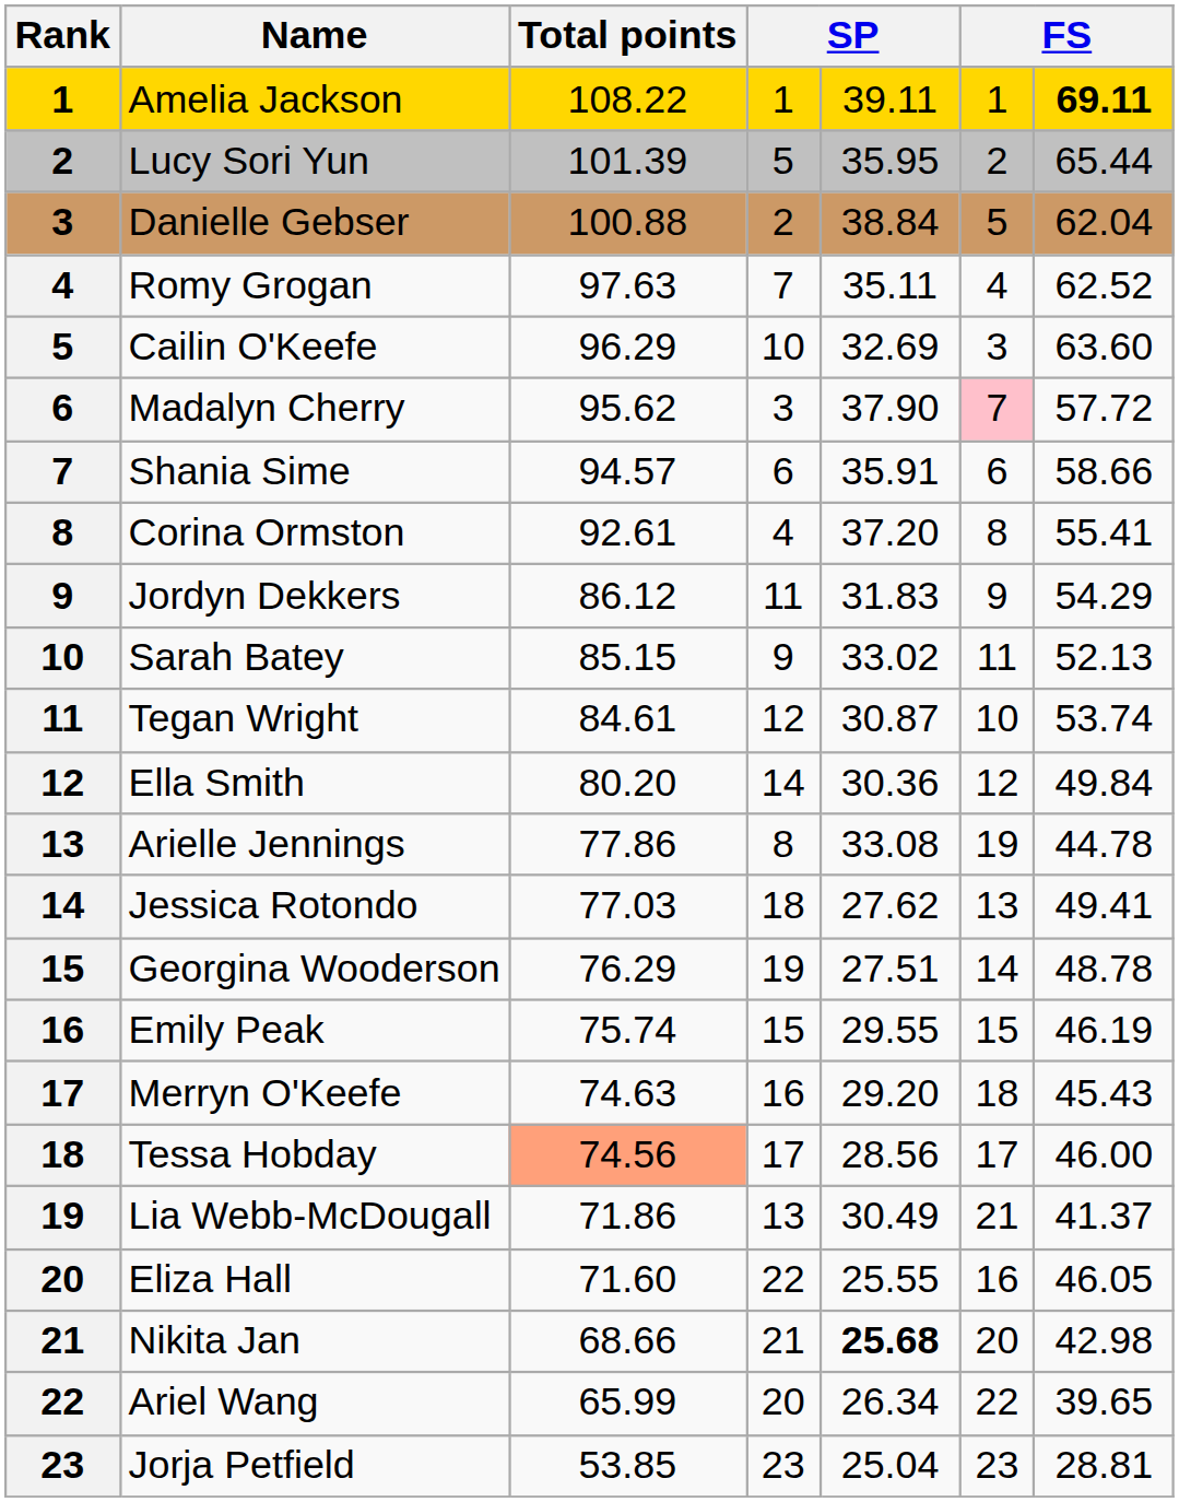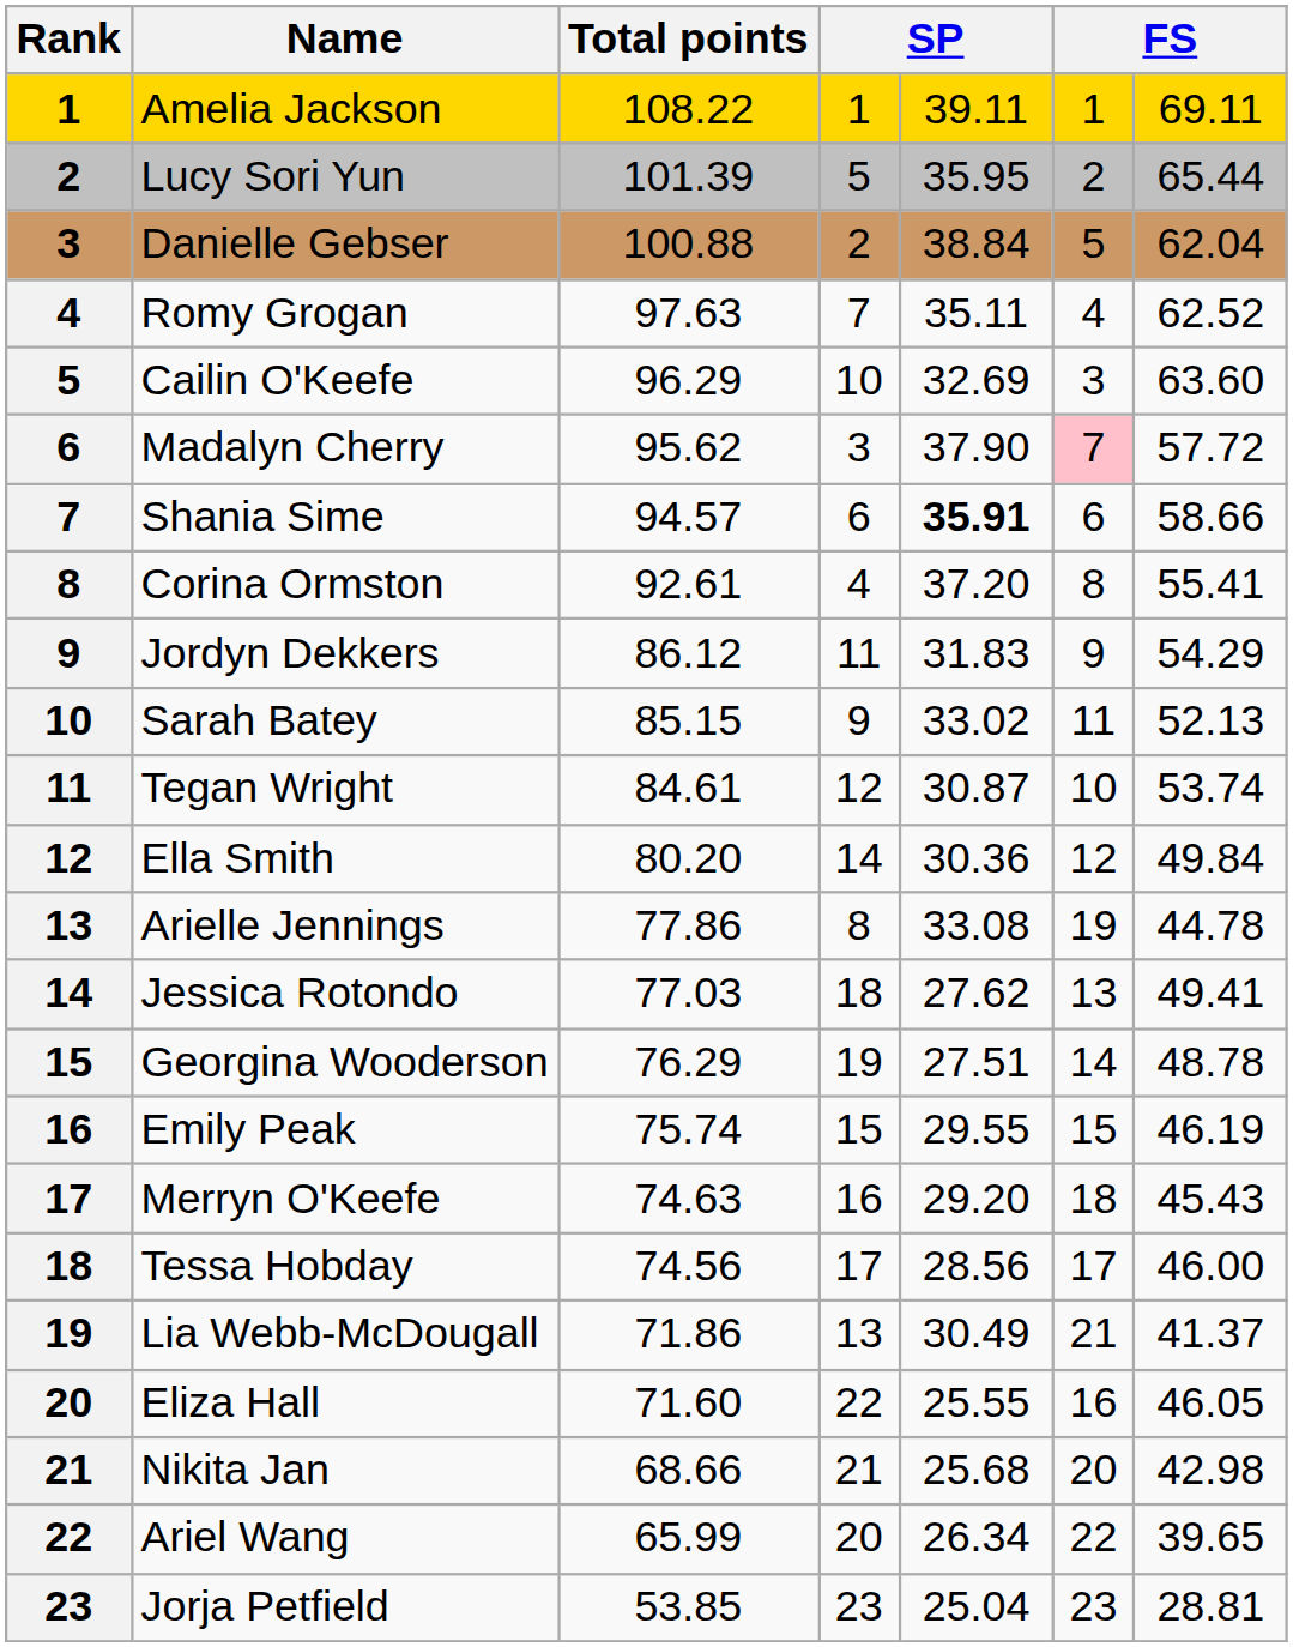 <table class="wikitable sortable">
 <tr>
 <th>Rank</th>
 <th>Name</th>
 <th>Total points</th>
 <th colspan="2" width="80px"><a href='#'>SP</a></th>
 <th colspan="2" width="80px"><a href='#'>FS</a></th>
 </tr>
 <tr bgcolor="gold">
 <td align="center"><strong>1</strong></td>
 <td>Amelia Jackson</td>
 <td align="center">108.22</td>
 <td align="center">1</td>
 <td align="center">39.11</td>
 <td align="center">1</td>
-<td align="center"><strong>69.11</strong></td>
+<td align="center">69.11</td>
 </tr>
 <tr bgcolor="silver">
 <td align="center"><strong>2</strong></td>
 <td>Lucy Sori Yun</td>
 <td align="center">101.39</td>
 <td align="center">5</td>
 <td align="center">35.95</td>
 <td align="center">2</td>
 <td align="center">65.44</td>
 </tr>
 <tr bgcolor="cc9966">
 <td align="center"><strong>3</strong></td>
 <td> Danielle Gebser</td>
 <td align="center">100.88</td>
 <td align="center">2</td>
 <td align="center">38.84</td>
 <td align="center">5</td>
 <td align="center">62.04</td>
 </tr>
 <tr>
 <th>4</th>
 <td>Romy Grogan</td>
 <td align="center">97.63</td>
 <td align="center">7</td>
 <td align="center">35.11</td>
 <td align="center">4</td>
 <td align="center">62.52</td>
 </tr>
 <tr>
 <th>5</th>
 <td>Cailin O'Keefe</td>
 <td align="center">96.29</td>
 <td align="center">10</td>
 <td align="center">32.69</td>
 <td align="center">3</td>
 <td align="center">63.60</td>
 </tr>
 <tr>
 <th>6</th>
 <td>Madalyn Cherry</td>
 <td align="center">95.62</td>
 <td align="center">3</td>
 <td align="center">37.90</td>
 <td align="center" style="background: pink;">7</td>
 <td align="center">57.72</td>
 </tr>
 <tr>
 <th>7</th>
 <td>Shania Sime</td>
 <td align="center">94.57</td>
 <td align="center">6</td>
-<td align="center">35.91</td>
+<td align="center"><strong>35.91</strong></td>
 <td align="center">6</td>
 <td align="center">58.66</td>
 </tr>
 <tr>
 <th>8</th>
 <td>Corina Ormston</td>
 <td align="center">92.61</td>
 <td align="center">4</td>
 <td align="center">37.20</td>
 <td align="center">8</td>
 <td align="center">55.41</td>
 </tr>
 <tr>
 <th>9</th>
 <td>Jordyn Dekkers</td>
 <td align="center">86.12</td>
 <td align="center">11</td>
 <td align="center">31.83</td>
 <td align="center">9</td>
 <td align="center">54.29</td>
 </tr>
 <tr>
 <th>10</th>
 <td>Sarah Batey</td>
 <td align="center">85.15</td>
 <td align="center">9</td>
 <td align="center">33.02</td>
 <td align="center">11</td>
 <td align="center">52.13</td>
 </tr>
 <tr>
 <th>11</th>
 <td>Tegan Wright</td>
 <td align="center">84.61</td>
 <td align="center">12</td>
 <td align="center">30.87</td>
 <td align="center">10</td>
 <td align="center">53.74</td>
 </tr>
 <tr>
 <th>12</th>
 <td> Ella Smith</td>
 <td align="center">80.20</td>
 <td align="center">14</td>
 <td align="center">30.36</td>
 <td align="center">12</td>
 <td align="center">49.84</td>
 </tr>
 <tr>
 <th>13</th>
 <td>Arielle Jennings</td>
 <td align="center">77.86</td>
 <td align="center">8</td>
 <td align="center">33.08</td>
 <td align="center">19</td>
 <td align="center">44.78</td>
 </tr>
 <tr>
 <th>14</th>
 <td>Jessica Rotondo</td>
 <td align="center">77.03</td>
 <td align="center">18</td>
 <td align="center">27.62</td>
 <td align="center">13</td>
 <td align="center">49.41</td>
 </tr>
 <tr>
 <th>15</th>
 <td>Georgina Wooderson</td>
 <td align="center">76.29</td>
 <td align="center">19</td>
 <td align="center">27.51</td>
 <td align="center">14</td>
 <td align="center">48.78</td>
 </tr>
 <tr>
 <th>16</th>
 <td>Emily Peak</td>
 <td align="center">75.74</td>
 <td align="center">15</td>
 <td align="center">29.55</td>
 <td align="center">15</td>
 <td align="center">46.19</td>
 </tr>
 <tr>
 <th>17</th>
 <td>Merryn O'Keefe</td>
 <td align="center">74.63</td>
 <td align="center">16</td>
 <td align="center">29.20</td>
 <td align="center">18</td>
 <td align="center">45.43</td>
 </tr>
 <tr>
 <th>18</th>
 <td>Tessa Hobday</td>
-<td align="center" style="background: lightsalmon;">74.56</td>
+<td align="center">74.56</td>
 <td align="center">17</td>
 <td align="center">28.56</td>
 <td align="center">17</td>
 <td align="center">46.00</td>
 </tr>
 <tr>
 <th>19</th>
 <td>Lia Webb-McDougall</td>
 <td align="center">71.86</td>
 <td align="center">13</td>
 <td align="center">30.49</td>
 <td align="center">21</td>
 <td align="center">41.37</td>
 </tr>
 <tr>
 <th>20</th>
 <td>Eliza Hall</td>
 <td align="center">71.60</td>
 <td align="center">22</td>
 <td align="center">25.55</td>
 <td align="center">16</td>
 <td align="center">46.05</td>
 </tr>
 <tr>
 <th>21</th>
 <td>Nikita Jan</td>
 <td align="center">68.66</td>
 <td align="center">21</td>
-<td align="center"><strong>25.68</strong></td>
+<td align="center">25.68</td>
 <td align="center">20</td>
 <td align="center">42.98</td>
 </tr>
 <tr>
 <th>22</th>
 <td>Ariel Wang</td>
 <td align="center">65.99</td>
 <td align="center">20</td>
 <td align="center">26.34</td>
 <td align="center">22</td>
 <td align="center">39.65</td>
 </tr>
 <tr>
 <th>23</th>
 <td>Jorja Petfield</td>
 <td align="center">53.85</td>
 <td align="center">23</td>
 <td align="center">25.04</td>
 <td align="center">23</td>
 <td align="center">28.81</td>
 </tr>
 </table>
